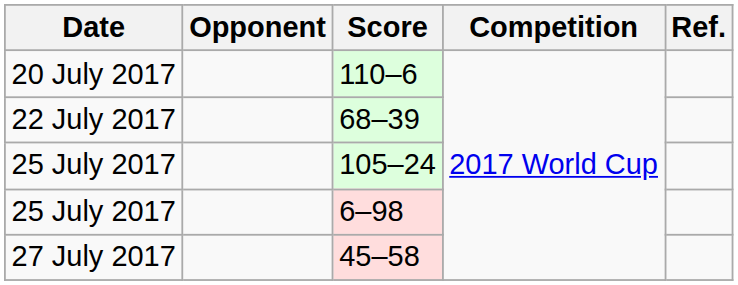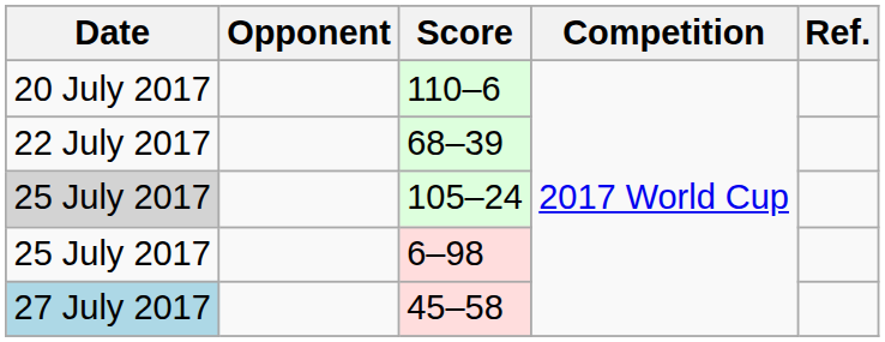 <table class="wikitable defaultcenter col2left">
 <tr>
 <th>Date</th>
 <th>Opponent</th>
 <th class=unsortable>Score</th>
 <th class=unsortable>Competition</th>
 <th class=unsortable>Ref.</th>
 </tr>
 <tr>
 <td>20 July 2017</td>
 <td></td>
 <td style="background:#ddffdd;">110–6</td>
 <td rowspan="5"><a href='#'>2017 World Cup</a></td>
 <td></td>
 </tr>
 <tr>
 <td>22 July 2017</td>
 <td></td>
 <td style="background:#ddffdd;">68–39</td>
 <td></td>
 </tr>
 <tr>
-<td>25 July 2017</td>
+<td style="background: lightgrey;">25 July 2017</td>
 <td></td>
 <td style="background:#ddffdd;">105–24</td>
 <td></td>
 </tr>
 <tr>
 <td>25 July 2017</td>
 <td></td>
 <td style="background:#ffdddd;">6–98</td>
 <td></td>
 </tr>
 <tr>
-<td>27 July 2017</td>
+<td style="background: lightblue;">27 July 2017</td>
 <td></td>
 <td style="background:#ffdddd;">45–58</td>
 <td></td>
 </tr>
 </table>
